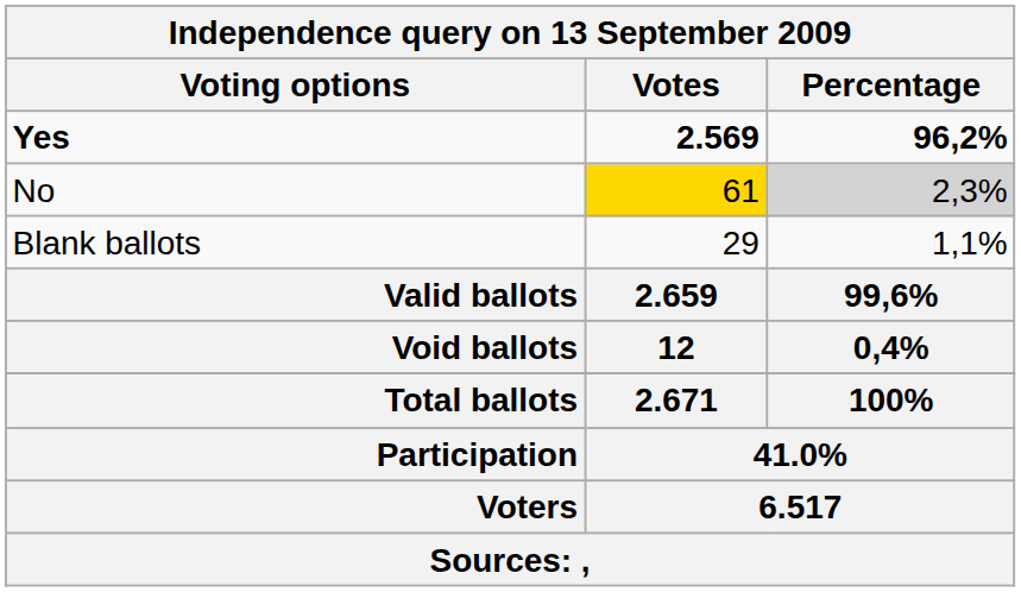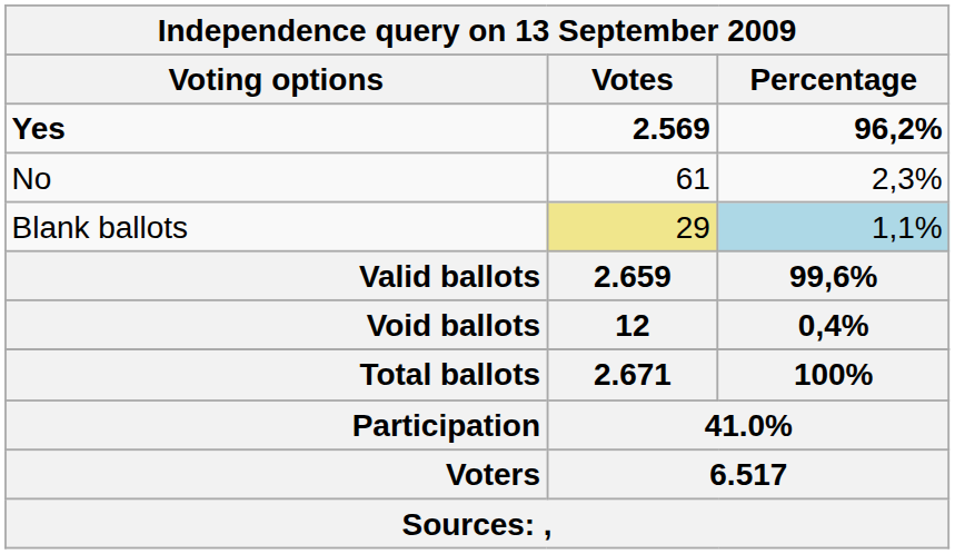 <table class="wikitable" style="margin:auto; font-size: 95%;">
 <tr>
 <th colspan="5">Independence query on 13 September 2009</th>
 </tr>
 <tr>
 <th colspan="2" style="width: 17em">Voting options</th>
 <th style="width: 5em">Votes</th>
 <th style="width: 7em">Percentage</th>
 </tr>
 <tr>
 <td colspan="2"> <strong>Yes</strong></td>
 <td style="text-align: right; margin-right: 0.5em"><strong>2.569</strong></td>
 <td style="text-align: right; margin-right: 0.5em"><strong>96,2%</strong></td>
 </tr>
 <tr>
 <td colspan="2"> No</td>
-<td align="right" style="background: gold;">61</td>
-<td align="right" style="background: lightgrey;">2,3%</td>
+<td align="right">61</td>
+<td align="right">2,3%</td>
 </tr>
 <tr>
 <td colspan="2">Blank ballots</td>
-<td align="right">29</td>
-<td align="right">1,1%</td>
+<td align="right" style="background: khaki;">29</td>
+<td align="right" style="background: lightblue;">1,1%</td>
 </tr>
 <tr bgcolor="#EEEEEE">
 <th colspan="2" style="text-align: right">Valid ballots</th>
 <th align="right">2.659</th>
 <th align="right">99,6%</th>
 </tr>
 <tr bgcolor="#EEEEEE">
 <th colspan="2" style="text-align: right">Void ballots</th>
 <th align="right">12</th>
 <th align="right">0,4%</th>
 </tr>
 <tr>
 </tr>
 <tr bgcolor="#EEEEEE">
 <th colspan="2" style="text-align: right; margin-right: 0.5em"><strong>Total ballots</strong></th>
 <th align="right">2.671</th>
 <th align="right">100%</th>
 </tr>
 <tr bgcolor="#EEEEEE">
 <th colspan="2" style="text-align: right">Participation</th>
 <th colspan="2" align="right">41.0%</th>
 </tr>
 <tr bgcolor="#EEEEEE">
 <th colspan="2" style="text-align: right">Voters</th>
 <th colspan="2" align="right">6.517</th>
 </tr>
 <tr>
 <th align="left" colspan="4">Sources: , </th>
 </tr>
 </table>
